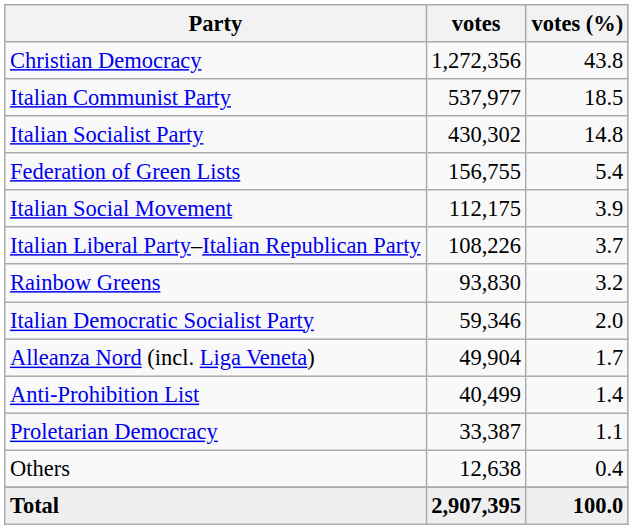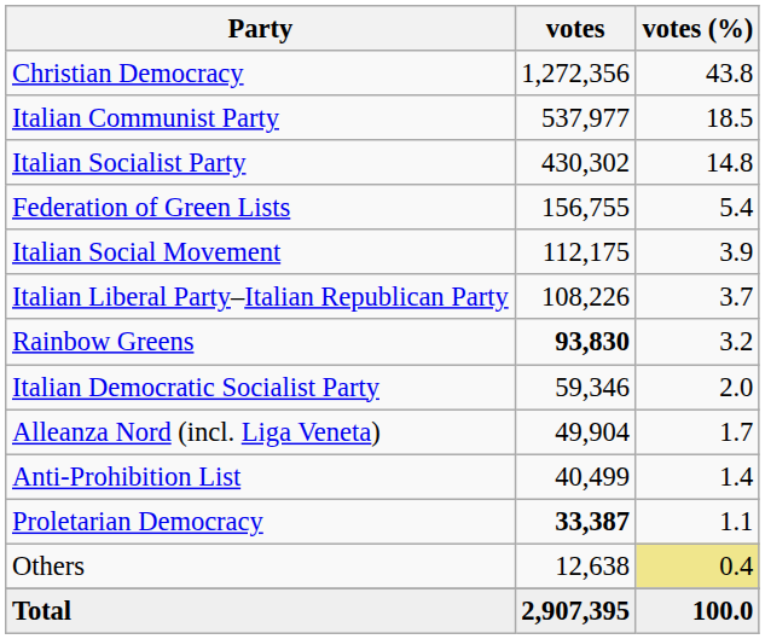 <table class="wikitable" style="font-size:95%">
 <tr bgcolor="EFEFEF">
 <th>Party</th>
 <th>votes</th>
 <th>votes (%)</th>
 </tr>
 <tr>
 <td><a href='#'>Christian Democracy</a></td>
 <td align=right>1,272,356</td>
 <td align=right>43.8</td>
 </tr>
 <tr>
 <td><a href='#'>Italian Communist Party</a></td>
 <td align=right>537,977</td>
 <td align=right>18.5</td>
 </tr>
 <tr>
 <td><a href='#'>Italian Socialist Party</a></td>
 <td align=right>430,302</td>
 <td align=right>14.8</td>
 </tr>
 <tr>
 <td><a href='#'>Federation of Green Lists</a></td>
 <td align=right>156,755</td>
 <td align=right>5.4</td>
 </tr>
 <tr>
 <td><a href='#'>Italian Social Movement</a></td>
 <td align=right>112,175</td>
 <td align=right>3.9</td>
 </tr>
 <tr>
 <td><a href='#'>Italian Liberal Party</a>–<a href='#'>Italian Republican Party</a></td>
 <td align=right>108,226</td>
 <td align=right>3.7</td>
 </tr>
 <tr>
 <td><a href='#'>Rainbow Greens</a></td>
-<td align=right>93,830</td>
+<td align=right><strong>93,830</strong></td>
 <td align=right>3.2</td>
 </tr>
 <tr>
 <td><a href='#'>Italian Democratic Socialist Party</a></td>
 <td align=right>59,346</td>
 <td align=right>2.0</td>
 </tr>
 <tr>
 <td><a href='#'>Alleanza Nord</a> (incl. <a href='#'>Liga Veneta</a>)</td>
 <td align=right>49,904</td>
 <td align=right>1.7</td>
 </tr>
 <tr>
 <td><a href='#'>Anti-Prohibition List</a></td>
 <td align=right>40,499</td>
 <td align=right>1.4</td>
 </tr>
 <tr>
 <td><a href='#'>Proletarian Democracy</a></td>
-<td align=right>33,387</td>
+<td align=right><strong>33,387</strong></td>
 <td align=right>1.1</td>
 </tr>
 <tr>
 <td>Others</td>
 <td align=right>12,638</td>
-<td align=right>0.4</td>
+<td align=right style="background: khaki;">0.4</td>
 </tr>
 <tr>
 </tr>
 <tr bgcolor="EFEFEF">
 <td><strong>Total</strong></td>
 <td align=right><strong>2,907,395</strong></td>
 <td align=right><strong>100.0</strong></td>
 </tr>
 </table>
